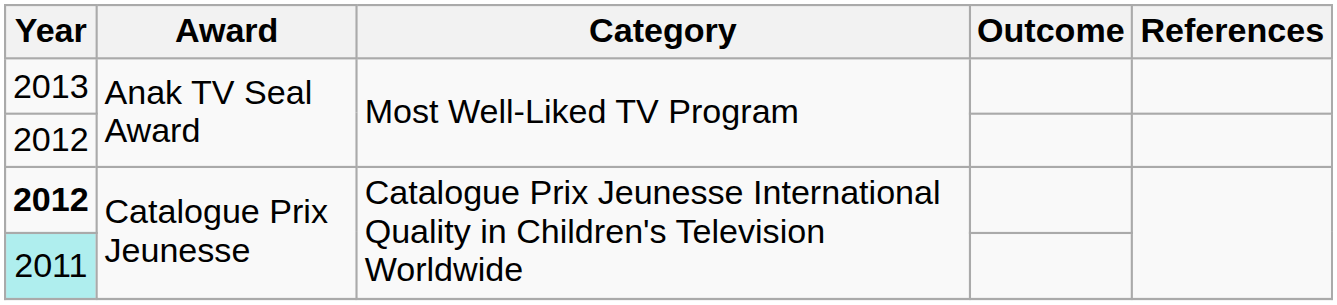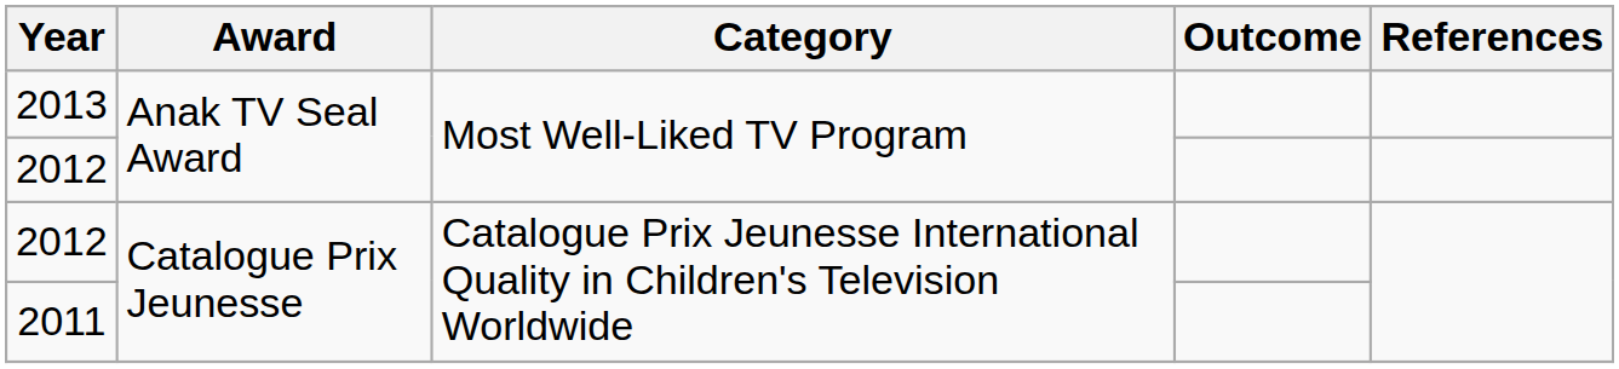 <table class="wikitable plainrowheaders" style="width:100%;">
 <tr>
 <th>Year</th>
 <th>Award</th>
 <th>Category</th>
 <th>Outcome</th>
 <th>References</th>
 </tr>
 <tr>
 <td style="text-align:center">2013</td>
 <td rowspan="2">Anak TV Seal Award</td>
 <td rowspan="2">Most Well-Liked TV Program</td>
 <td></td>
 <td></td>
 </tr>
 <tr>
 <td style="text-align:center">2012</td>
 <td></td>
 <td></td>
 </tr>
 <tr>
-<td style="text-align:center"><strong>2012</strong></td>
+<td style="text-align:center">2012</td>
 <td rowspan="2">Catalogue Prix Jeunesse</td>
 <td rowspan="2">Catalogue Prix Jeunesse International Quality in Children's Television Worldwide</td>
 <td></td>
 <td rowspan="2"></td>
 </tr>
 <tr>
-<td style="background: paleturquoise; text-align:center">2011</td>
+<td style="text-align:center">2011</td>
 <td></td>
 </tr>
 <tr>
 </tr>
 </table>
